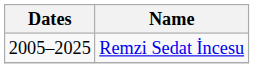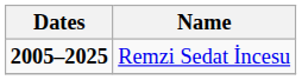 <table class="wikitable">
 <tr>
 <th>Dates</th>
 <th>Name</th>
 </tr>
 <tr>
-<td>2005–2025</td>
+<td><strong>2005–2025</strong></td>
 <td> <a href='#'>Remzi Sedat İncesu</a></td>
 </tr>
 <tr>
 </tr>
 </table>
